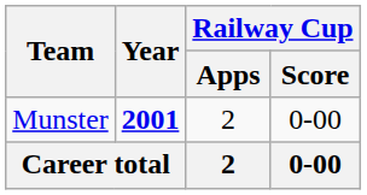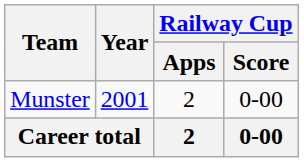 <table class="wikitable" style="text-align:center">
 <tr>
 <th rowspan="2">Team</th>
 <th rowspan="2">Year</th>
 <th colspan="2"><a href='#'>Railway Cup</a></th>
 </tr>
 <tr>
 <th>Apps</th>
 <th>Score</th>
 </tr>
 <tr>
 <td rowspan="1"><a href='#'>Munster</a></td>
-<td><strong><a href='#'>2001</a></strong></td>
+<td><a href='#'>2001</a></td>
 <td>2</td>
 <td>0-00</td>
 </tr>
 <tr>
 <th colspan="2">Career total</th>
 <th>2</th>
 <th>0-00</th>
 </tr>
 </table>
